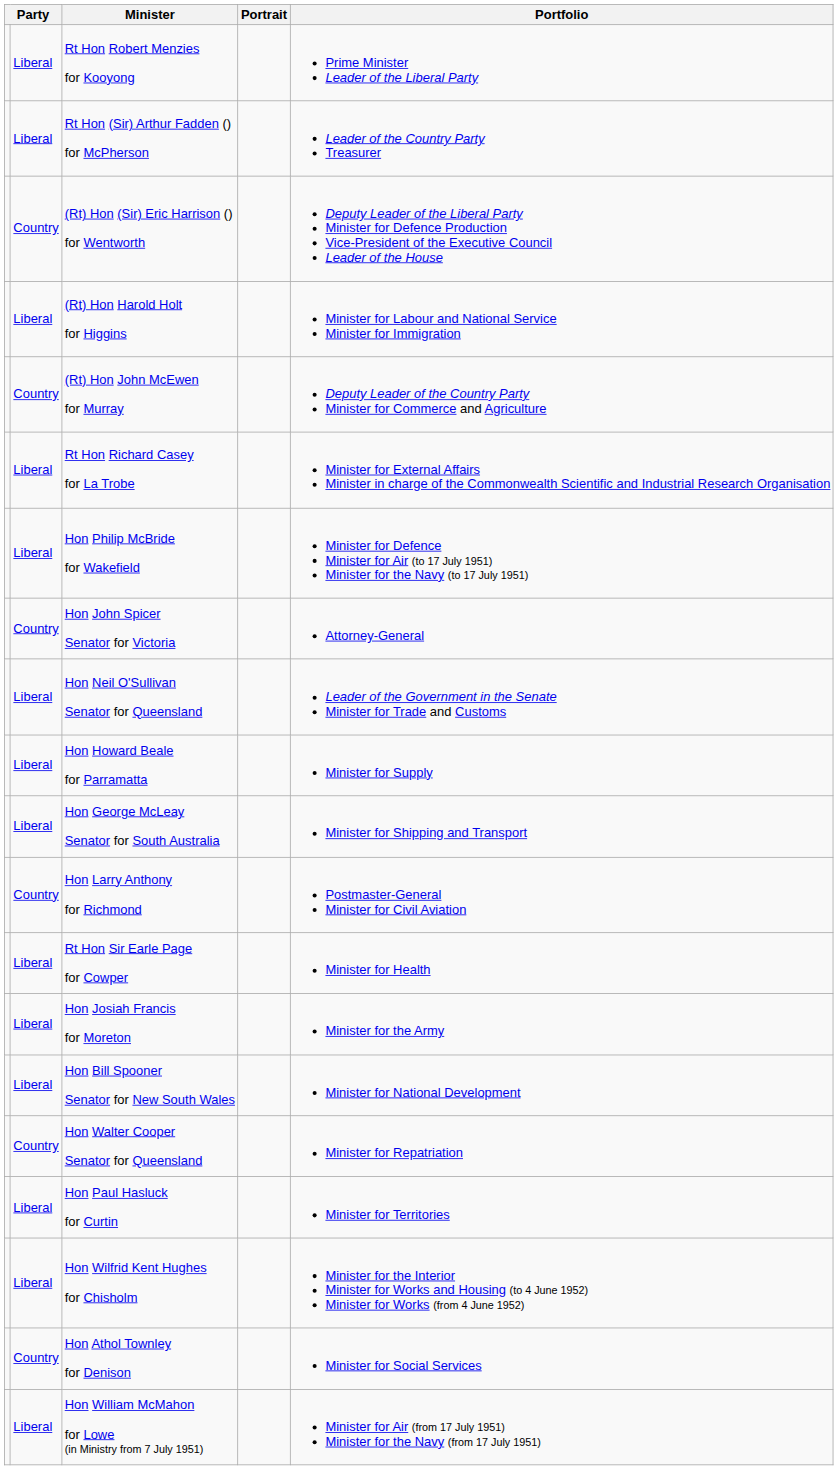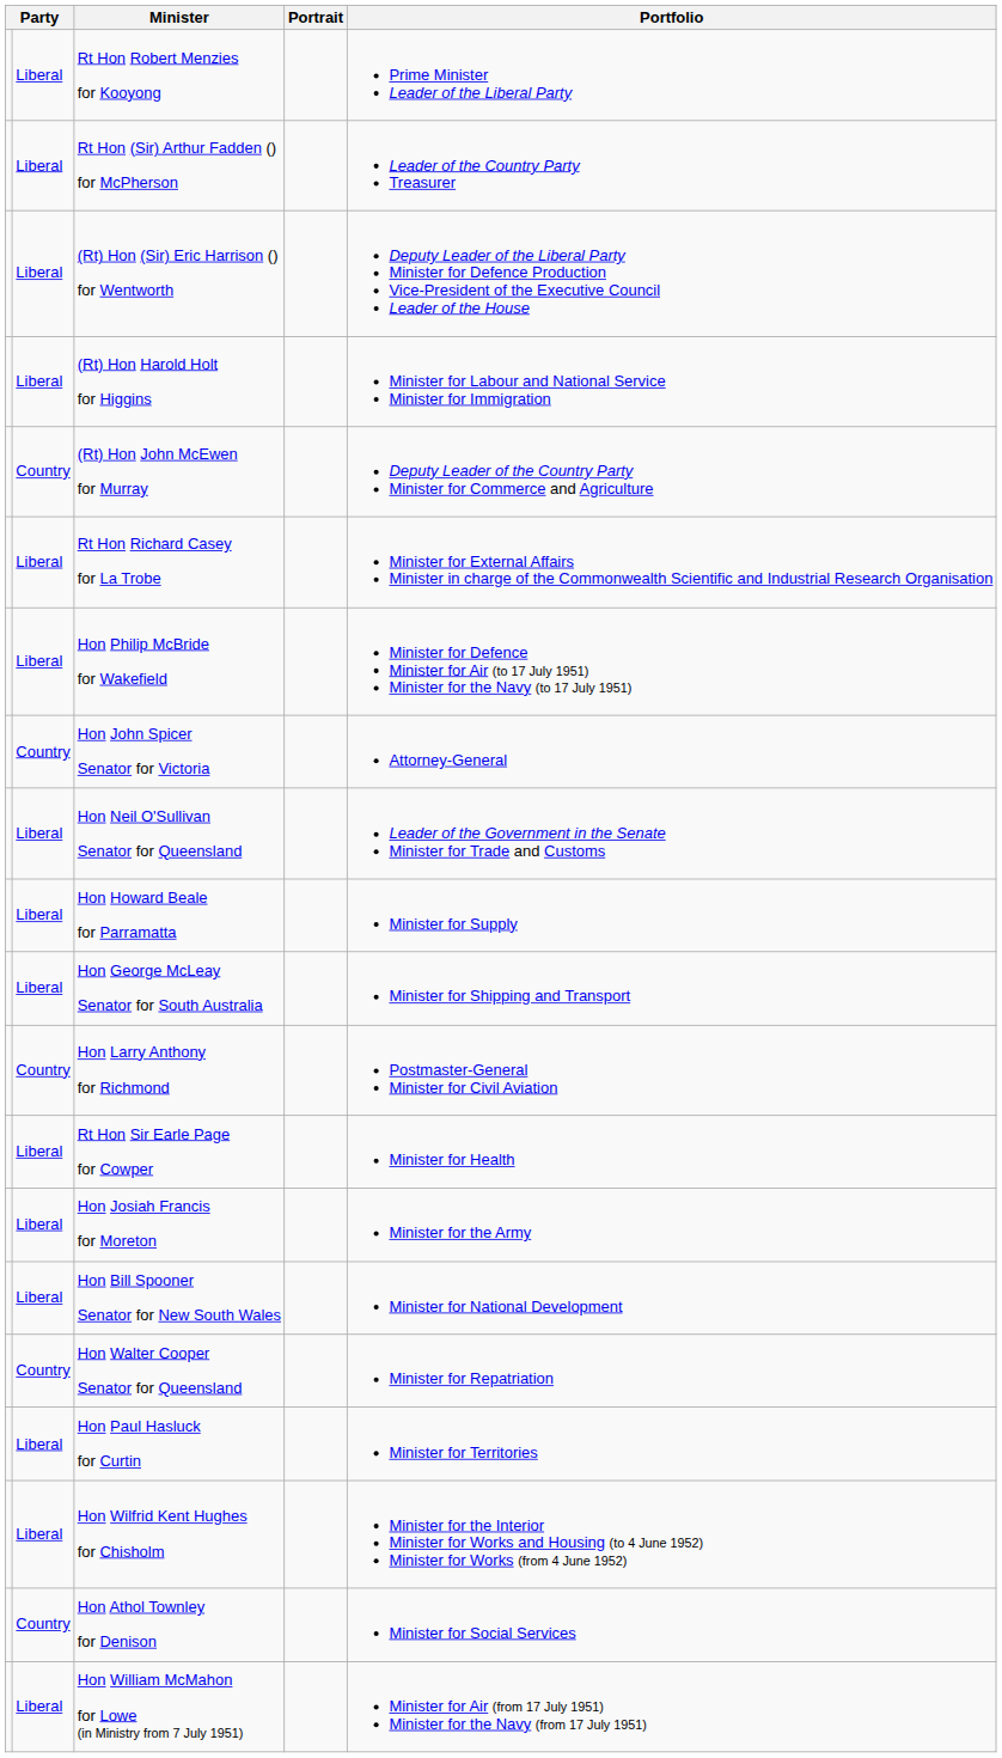 <table class="wikitable sortable">
 <tr>
 <th colspan="2">Party</th>
 <th>Minister</th>
 <th>Portrait</th>
 <th>Portfolio</th>
 </tr>
 <tr>
 <td></td>
 <td><a href='#'>Liberal</a></td>
 <td><a href='#'>Rt Hon</a> <a href='#'>Robert Menzies</a>   <br><br> for <a href='#'>Kooyong</a> <br></td>
 <td></td>
 <td><br><ul><li><a href='#'>Prime Minister</a></li><li><em><a href='#'>Leader of the Liberal Party</a></em></li></ul></td>
 </tr>
 <tr>
 <td></td>
 <td><a href='#'>Liberal</a></td>
 <td><a href='#'>Rt Hon</a> <a href='#'>(Sir) Arthur Fadden</a> () <br><br> for <a href='#'>McPherson</a> <br></td>
 <td></td>
 <td><br><ul><li><em><a href='#'>Leader of the Country Party</a></em></li><li><a href='#'>Treasurer</a></li></ul></td>
 </tr>
 <tr>
 <td></td>
-<td><a href='#'>Country</a></td>
+<td><a href='#'>Liberal</a></td>
 <td><a href='#'>(Rt) Hon</a> <a href='#'>(Sir) Eric Harrison</a> () <br><br> for <a href='#'>Wentworth</a> <br></td>
 <td></td>
 <td><br><ul><li><em><a href='#'>Deputy Leader of the Liberal Party</a></em></li><li><a href='#'>Minister for Defence Production</a></li><li><a href='#'>Vice-President of the Executive Council</a></li><li><em><a href='#'>Leader of the House</a></em></li></ul></td>
 </tr>
 <tr>
 <td></td>
 <td><a href='#'>Liberal</a></td>
 <td><a href='#'>(Rt) Hon</a> <a href='#'>Harold Holt</a> <br><br> for <a href='#'>Higgins</a> <br></td>
 <td></td>
 <td><br><ul><li><a href='#'>Minister for Labour and National Service</a></li><li><a href='#'>Minister for Immigration</a></li></ul></td>
 </tr>
 <tr>
 <td></td>
 <td><a href='#'>Country</a></td>
 <td><a href='#'>(Rt) Hon</a> <a href='#'>John McEwen</a> <br><br> for <a href='#'>Murray</a> <br></td>
 <td></td>
 <td><br><ul><li><em><a href='#'>Deputy Leader of the Country Party</a></em></li><li><a href='#'>Minister for Commerce</a> and <a href='#'>Agriculture</a></li></ul></td>
 </tr>
 <tr>
 <td></td>
 <td><a href='#'>Liberal</a></td>
 <td><a href='#'>Rt Hon</a> <a href='#'>Richard Casey</a>    <br><br> for <a href='#'>La Trobe</a> <br></td>
 <td></td>
 <td><br><ul><li><a href='#'>Minister for External Affairs</a></li><li><a href='#'>Minister in charge of the Commonwealth Scientific and Industrial Research Organisation</a></li></ul></td>
 </tr>
 <tr>
 <td></td>
 <td><a href='#'>Liberal</a></td>
 <td><a href='#'>Hon</a> <a href='#'>Philip McBride</a> <br><br> for <a href='#'>Wakefield</a> <br></td>
 <td></td>
 <td><br><ul><li><a href='#'>Minister for Defence</a></li><li><a href='#'>Minister for Air</a> <small>(to 17 July 1951)</small></li><li><a href='#'>Minister for the Navy</a> <small>(to 17 July 1951)</small></li></ul></td>
 </tr>
 <tr>
 <td></td>
 <td><a href='#'>Country</a></td>
 <td><a href='#'>Hon</a> <a href='#'>John Spicer</a>  <br><br><a href='#'>Senator</a> for <a href='#'>Victoria</a> <br></td>
 <td></td>
 <td><br><ul><li><a href='#'>Attorney-General</a></li></ul></td>
 </tr>
 <tr>
 <td></td>
 <td><a href='#'>Liberal</a></td>
 <td><a href='#'>Hon</a> <a href='#'>Neil O'Sullivan</a> <br><br><a href='#'>Senator</a> for <a href='#'>Queensland</a> <br></td>
 <td></td>
 <td><br><ul><li><em><a href='#'>Leader of the Government in the Senate</a></em></li><li><a href='#'>Minister for Trade</a> and <a href='#'>Customs</a></li></ul></td>
 </tr>
 <tr>
 <td></td>
 <td><a href='#'>Liberal</a></td>
 <td><a href='#'>Hon</a> <a href='#'>Howard Beale</a> <br><br> for <a href='#'>Parramatta</a> <br></td>
 <td></td>
 <td><br><ul><li><a href='#'>Minister for Supply</a></li></ul></td>
 </tr>
 <tr>
 <td></td>
 <td><a href='#'>Liberal</a></td>
 <td><a href='#'>Hon</a> <a href='#'>George McLeay</a> <br><br><a href='#'>Senator</a> for <a href='#'>South Australia</a> <br></td>
 <td></td>
 <td><br><ul><li><a href='#'>Minister for Shipping and Transport</a></li></ul></td>
 </tr>
 <tr>
 <td></td>
 <td><a href='#'>Country</a></td>
 <td><a href='#'>Hon</a> <a href='#'>Larry Anthony</a> <br><br> for <a href='#'>Richmond</a> <br></td>
 <td></td>
 <td><br><ul><li><a href='#'>Postmaster-General</a></li><li><a href='#'>Minister for Civil Aviation</a></li></ul></td>
 </tr>
 <tr>
 <td></td>
 <td><a href='#'>Liberal</a></td>
 <td><a href='#'>Rt Hon</a> <a href='#'>Sir Earle Page</a>   <br><br> for <a href='#'>Cowper</a> <br></td>
 <td></td>
 <td><br><ul><li><a href='#'>Minister for Health</a></li></ul></td>
 </tr>
 <tr>
 <td></td>
 <td><a href='#'>Liberal</a></td>
 <td><a href='#'>Hon</a> <a href='#'>Josiah Francis</a> <br><br> for <a href='#'>Moreton</a> <br></td>
 <td></td>
 <td><br><ul><li><a href='#'>Minister for the Army</a></li></ul></td>
 </tr>
 <tr>
 <td></td>
 <td><a href='#'>Liberal</a></td>
 <td><a href='#'>Hon</a> <a href='#'>Bill Spooner</a>  <br><br><a href='#'>Senator</a> for <a href='#'>New South Wales</a> <br></td>
 <td></td>
 <td><br><ul><li><a href='#'>Minister for National Development</a></li></ul></td>
 </tr>
 <tr>
 <td></td>
 <td><a href='#'>Country</a></td>
 <td><a href='#'>Hon</a> <a href='#'>Walter Cooper</a>  <br><br><a href='#'>Senator</a> for <a href='#'>Queensland</a> <br></td>
 <td></td>
 <td><br><ul><li><a href='#'>Minister for Repatriation</a></li></ul></td>
 </tr>
 <tr>
 <td></td>
 <td><a href='#'>Liberal</a></td>
 <td><a href='#'>Hon</a> <a href='#'>Paul Hasluck</a> <br><br> for <a href='#'>Curtin</a> <br></td>
 <td></td>
 <td><br><ul><li><a href='#'>Minister for Territories</a></li></ul></td>
 </tr>
 <tr>
 <td></td>
 <td><a href='#'>Liberal</a></td>
 <td><a href='#'>Hon</a> <a href='#'>Wilfrid Kent Hughes</a>   <br><br> for <a href='#'>Chisholm</a> <br></td>
 <td></td>
 <td><br><ul><li><a href='#'>Minister for the Interior</a></li><li><a href='#'>Minister for Works and Housing</a> <small>(to 4 June 1952)</small></li><li><a href='#'>Minister for Works</a> <small>(from 4 June 1952)</small></li></ul></td>
 </tr>
 <tr>
 <td></td>
 <td><a href='#'>Country</a></td>
 <td><a href='#'>Hon</a> <a href='#'>Athol Townley</a> <br><br> for <a href='#'>Denison</a> <br></td>
 <td></td>
 <td><br><ul><li><a href='#'>Minister for Social Services</a></li></ul></td>
 </tr>
 <tr>
 <td></td>
 <td><a href='#'>Liberal</a></td>
 <td><a href='#'>Hon</a> <a href='#'>William McMahon</a> <br><br> for <a href='#'>Lowe</a> <br> <small>(in Ministry from 7 July 1951)</small></td>
 <td></td>
 <td><br><ul><li><a href='#'>Minister for Air</a> <small>(from 17 July 1951)</small></li><li><a href='#'>Minister for the Navy</a> <small>(from 17 July 1951)</small></li></ul></td>
 </tr>
 </table>
